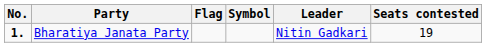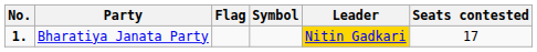 <table class="wikitable">
 <tr>
 <th>No.</th>
 <th>Party</th>
 <th>Flag</th>
 <th>Symbol</th>
 <th>Leader</th>
 <th>Seats contested</th>
 </tr>
 <tr>
 <td ! style="text-align:center; background:"><strong>1.</strong></td>
 <td style="text-align:center"><a href='#'>Bharatiya Janata Party</a></td>
 <td></td>
 <td></td>
-<td style="text-align:center"><a href='#'>Nitin Gadkari</a></td>
-<td style="text-align:center">19</td>
+<td style="background: gold; text-align:center"><a href='#'>Nitin Gadkari</a></td>
+<td style="text-align:center">17</td>
 </tr>
 </table>
